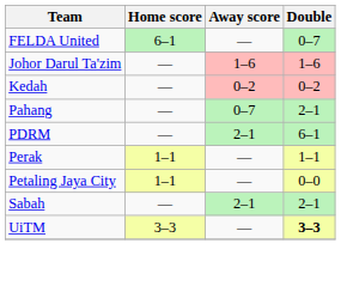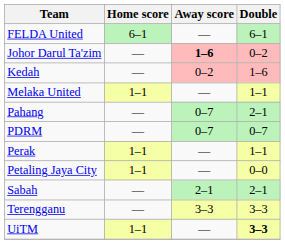 <table class="wikitable" style="text-align: center;">
 <tr>
 <th>Team</th>
 <th>Home score</th>
 <th>Away score</th>
 <th>Double </th>
 </tr>
 <tr>
 <td align="left"><a href='#'>FELDA United</a></td>
 <td style="background:#BBF3BB;">6–1</td>
 <td colspan="1">—</td>
-<td style="background:#BBF3BB;">0–7</td>
+<td style="background:#BBF3BB;">6–1</td>
 </tr>
 <tr>
 <td align="left"><a href='#'>Johor Darul Ta'zim</a></td>
 <td colspan="1">—</td>
-<td style="background:#FFBBBB;">1–6</td>
-<td style="background:#FFBBBB;">1–6</td>
+<td style="background:#FFBBBB;"><strong>1–6</strong></td>
+<td style="background:#FFBBBB;">0–2</td>
 </tr>
 <tr>
 <td align="left"><a href='#'>Kedah</a></td>
 <td colspan="1">—</td>
 <td style="background:#FFBBBB;">0–2</td>
-<td style="background:#FFBBBB;">0–2</td>
+<td style="background:#FFBBBB;">1–6</td>
+</tr>
+<tr>
+<td align="left"><a href='#'>Melaka United</a></td>
+<td style="background:#f5ffa6;">1–1</td>
+<td colspan="1">—</td>
+<td style="background:#f5ffa6;">1–1</td>
 </tr>
 <tr>
 <td align="left"><a href='#'>Pahang</a></td>
 <td colspan="1">—</td>
 <td style="background:#BBF3BB;">0–7</td>
 <td style="background:#BBF3BB;">2–1</td>
 </tr>
 <tr>
 <td align="left"><a href='#'>PDRM</a></td>
 <td colspan="1">—</td>
-<td style="background:#BBF3BB;">2–1</td>
-<td style="background:#BBF3BB;">6–1</td>
+<td style="background:#BBF3BB;">0–7</td>
+<td style="background:#BBF3BB;">0–7</td>
 </tr>
 <tr>
 <td align="left"><a href='#'>Perak</a></td>
 <td style="background:#f5ffa6;">1–1</td>
 <td colspan="1">—</td>
 <td style="background:#f5ffa6;">1–1</td>
 </tr>
 <tr>
 <td align="left"><a href='#'>Petaling Jaya City</a></td>
 <td style="background:#f5ffa6;">1–1</td>
 <td colspan="1">—</td>
 <td style="background:#f5ffa6;">0–0</td>
 </tr>
 <tr>
 <td align="left"><a href='#'>Sabah</a></td>
 <td colspan="1">—</td>
 <td style="background:#BBF3BB;">2–1</td>
 <td style="background:#BBF3BB;">2–1</td>
 </tr>
 <tr>
+<td align="left"><a href='#'>Terengganu</a></td>
+<td colspan="1">—</td>
+<td style="background:#f5ffa6;">3–3</td>
+<td style="background:#f5ffa6;">3–3</td>
+</tr>
+<tr>
 <td align="left"><a href='#'>UiTM</a></td>
-<td style="background:#f5ffa6;">3–3</td>
+<td style="background:#f5ffa6;">1–1</td>
 <td colspan="1">—</td>
 <td style="background:#f5ffa6;"><strong>3–3</strong></td>
 </tr>
 <tr>
 </tr>
 </table>
